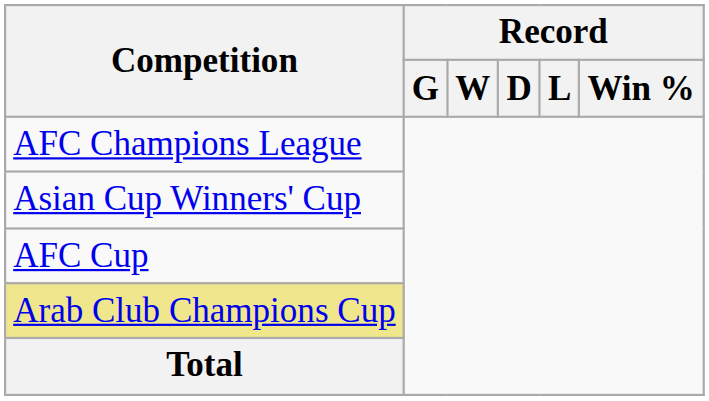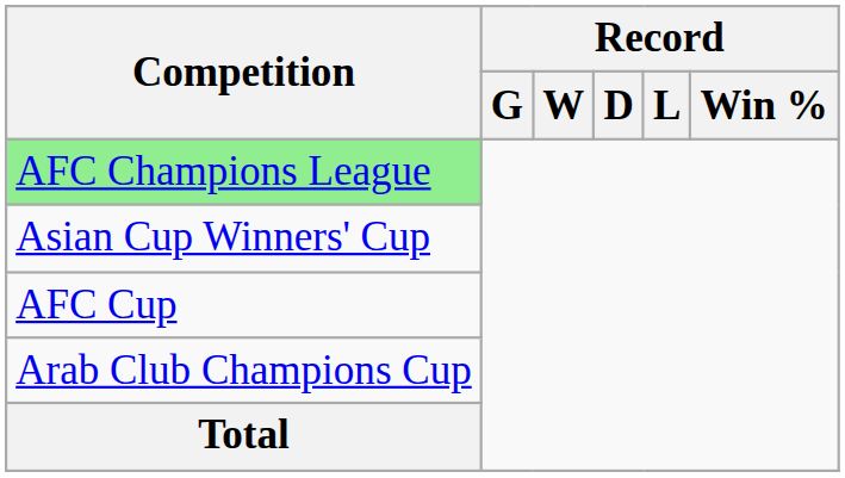 <table class="wikitable" style="text-align: center">
 <tr>
 <th rowspan="2">Competition</th>
 <th colspan="5">Record</th>
 </tr>
 <tr>
 <th>G</th>
 <th>W</th>
 <th>D</th>
 <th>L</th>
 <th>Win %</th>
 </tr>
 <tr>
-<td align=left><a href='#'>AFC Champions League</a><br></td>
+<td align=left style="background: lightgreen;"><a href='#'>AFC Champions League</a><br></td>
 </tr>
 <tr>
 <td align=left><a href='#'>Asian Cup Winners' Cup</a><br></td>
 </tr>
 <tr>
 <td align=left><a href='#'>AFC Cup</a><br></td>
 </tr>
 <tr>
-<td align=left style="background: khaki;"><a href='#'>Arab Club Champions Cup</a><br></td>
+<td align=left><a href='#'>Arab Club Champions Cup</a><br></td>
 </tr>
 <tr>
 <th>Total<br></th>
 </tr>
 </table>
